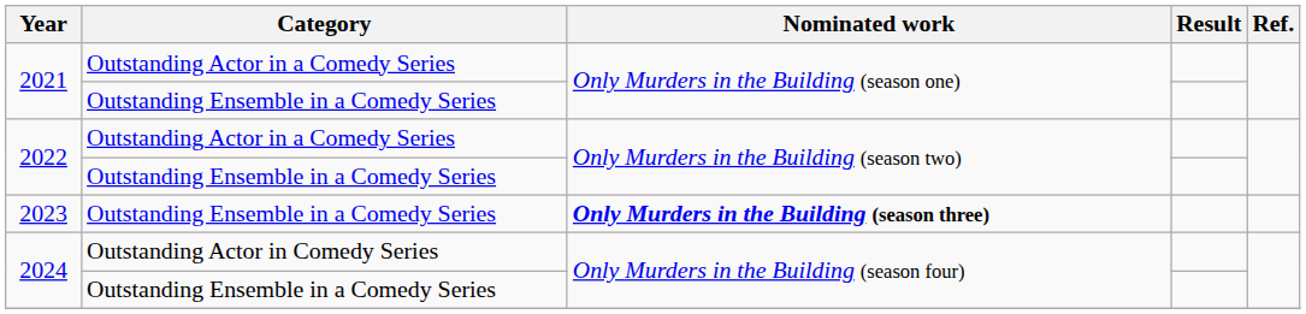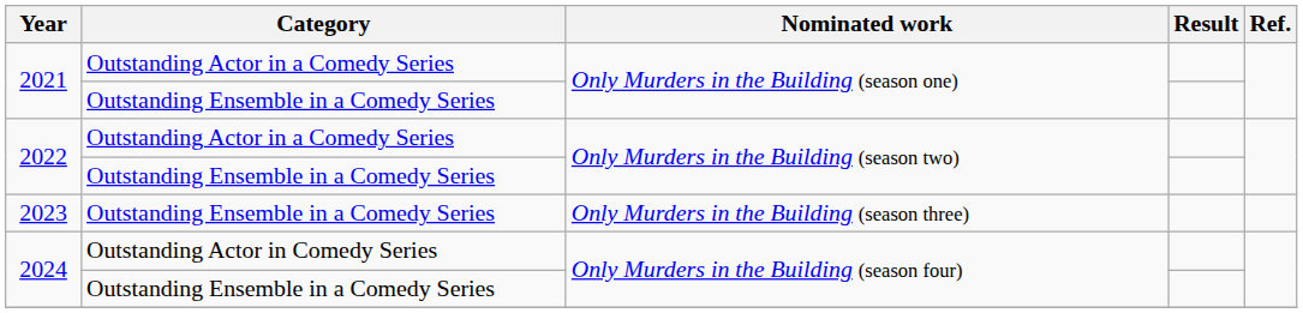 <table class=wikitable>
 <tr>
 <th scope="col" style="width:3em;">Year</th>
 <th scope="col" style="width:26em;">Category</th>
 <th scope="col" style="width:33em;">Nominated work</th>
 <th scope="col" style="width:2em;">Result</th>
 <th>Ref.</th>
 </tr>
 <tr>
 <td rowspan="2" align="center"><a href='#'>2021</a></td>
 <td><a href='#'>Outstanding Actor in a Comedy Series</a></td>
 <td rowspan="2"><em><a href='#'>Only Murders in the Building</a></em> <small> (season one) </small></td>
 <td></td>
 <td rowspan="2" align="center"></td>
 </tr>
 <tr>
 <td><a href='#'>Outstanding Ensemble in a Comedy Series</a></td>
 <td></td>
 </tr>
 <tr>
 <td rowspan="2" align="center"><a href='#'>2022</a></td>
 <td><a href='#'>Outstanding Actor in a Comedy Series</a></td>
 <td rowspan="2"><em><a href='#'>Only Murders in the Building</a></em> <small> (season two) </small></td>
 <td></td>
 <td rowspan="2" align="center"></td>
 </tr>
 <tr>
 <td><a href='#'>Outstanding Ensemble in a Comedy Series</a></td>
 <td></td>
 </tr>
 <tr>
 <td align="center"><a href='#'>2023</a></td>
 <td><a href='#'>Outstanding Ensemble in a Comedy Series</a></td>
-<td rowspan="1"><strong><em><a href='#'>Only Murders in the Building</a></em> <small> (season three) </small></strong></td>
+<td rowspan="1"><em><a href='#'>Only Murders in the Building</a></em> <small> (season three) </small></td>
 <td></td>
 <td align="center"></td>
 </tr>
 <tr>
 <td align="center", rowspan=2><a href='#'>2024</a></td>
 <td>Outstanding Actor in Comedy Series</td>
 <td rowspan="2"><em><a href='#'>Only Murders in the Building</a></em> <small> (season four) </small></td>
 <td></td>
 <td rowspan=2 align="center"></td>
 </tr>
 <tr>
 <td>Outstanding Ensemble in a Comedy Series</td>
 <td></td>
 </tr>
 <tr>
 </tr>
 </table>
